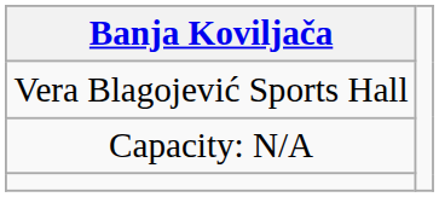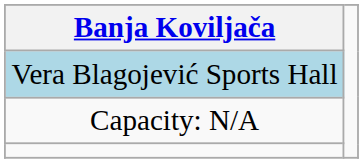 <table class="wikitable" style="text-align:center">
 <tr>
 <th><a href='#'>Banja Koviljača</a></th>
 <td rowspan=4></td>
 </tr>
 <tr>
-<td>Vera Blagojević Sports Hall</td>
+<td style="background: lightblue;">Vera Blagojević Sports Hall</td>
 </tr>
 <tr>
 <td>Capacity: N/A</td>
 </tr>
 <tr>
 <td></td>
 </tr>
 </table>
